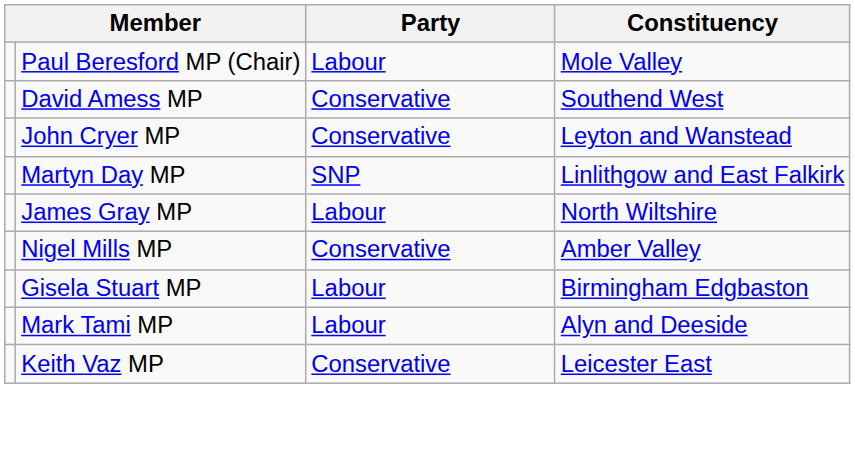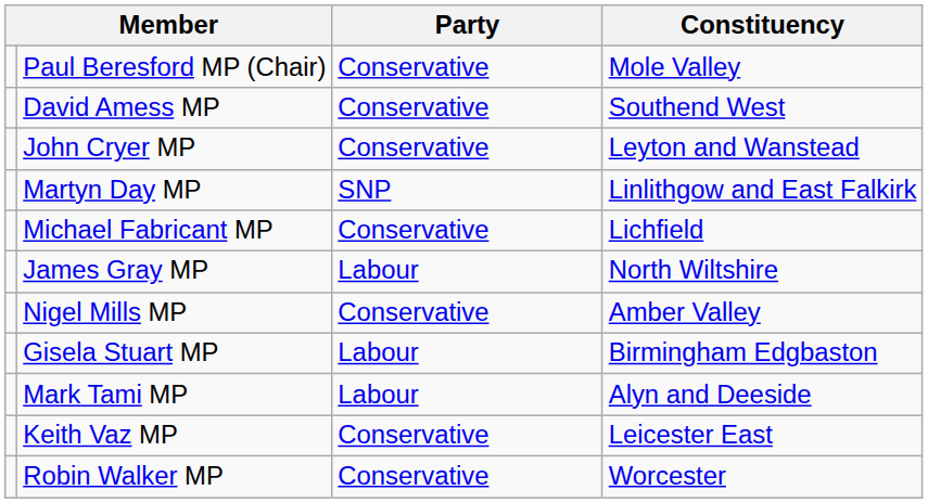 <table class="wikitable">
 <tr>
 <th width="160px" colspan="2" valign="top">Member</th>
 <th width="160px" valign="top">Party</th>
 <th valign="top">Constituency</th>
 </tr>
 <tr>
 <td style="color:inherit;background:"></td>
 <td><a href='#'>Paul Beresford</a> MP (Chair)</td>
-<td><a href='#'>Labour</a></td>
+<td><a href='#'>Conservative</a></td>
 <td><a href='#'>Mole Valley</a></td>
 </tr>
 <tr>
 <td style="color:inherit;background:"></td>
 <td><a href='#'>David Amess</a> MP</td>
 <td><a href='#'>Conservative</a></td>
 <td><a href='#'>Southend West</a></td>
 </tr>
 <tr>
 <td style="color:inherit;background:"></td>
 <td><a href='#'>John Cryer</a> MP</td>
 <td><a href='#'>Conservative</a></td>
 <td><a href='#'>Leyton and Wanstead</a></td>
 </tr>
 <tr>
 <td style="color:inherit;background:"></td>
 <td><a href='#'>Martyn Day</a> MP</td>
 <td><a href='#'>SNP</a></td>
 <td><a href='#'>Linlithgow and East Falkirk</a></td>
+</tr>
+<tr>
+<td style="color:inherit;background:"></td>
+<td><a href='#'>Michael Fabricant</a> MP</td>
+<td><a href='#'>Conservative</a></td>
+<td><a href='#'>Lichfield</a></td>
 </tr>
 <tr>
 <td style="color:inherit;background:"></td>
 <td><a href='#'>James Gray</a> MP</td>
 <td><a href='#'>Labour</a></td>
 <td><a href='#'>North Wiltshire</a></td>
 </tr>
 <tr>
 <td style="color:inherit;background:"></td>
 <td><a href='#'>Nigel Mills</a> MP</td>
 <td><a href='#'>Conservative</a></td>
 <td><a href='#'>Amber Valley</a></td>
 </tr>
 <tr>
 <td style="color:inherit;background:"></td>
 <td><a href='#'>Gisela Stuart</a> MP</td>
 <td><a href='#'>Labour</a></td>
 <td><a href='#'>Birmingham Edgbaston</a></td>
 </tr>
 <tr>
 <td style="color:inherit;background:"></td>
 <td><a href='#'>Mark Tami</a> MP</td>
 <td><a href='#'>Labour</a></td>
 <td><a href='#'>Alyn and Deeside</a></td>
 </tr>
 <tr>
 <td style="color:inherit;background:"></td>
 <td><a href='#'>Keith Vaz</a> MP</td>
 <td><a href='#'>Conservative</a></td>
 <td><a href='#'>Leicester East</a></td>
 </tr>
+<tr>
+<td style="color:inherit;background:"></td>
+<td><a href='#'>Robin Walker</a> MP</td>
+<td><a href='#'>Conservative</a></td>
+<td><a href='#'>Worcester</a></td>
+</tr>
 </table>
